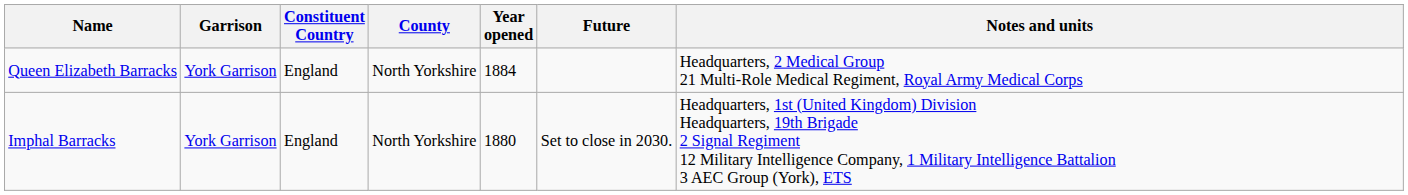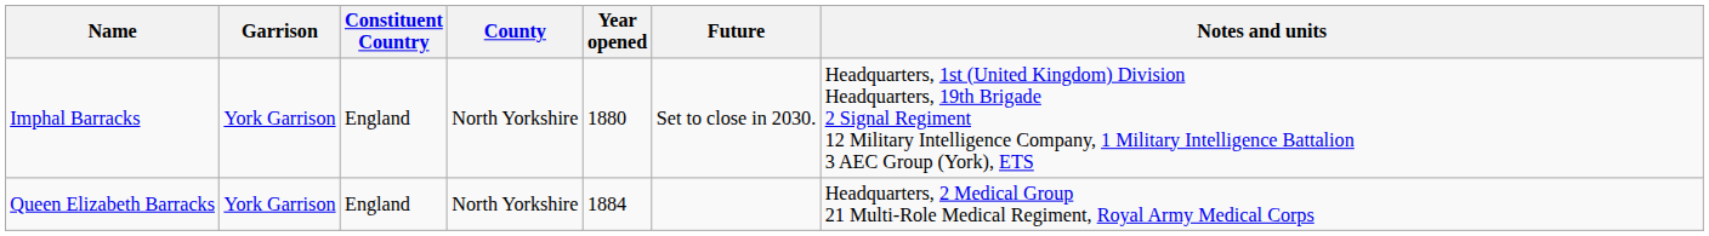 <table class="wikitable sortable" border="1">
 <tr>
 <th style="width=14%">Name</th>
 <th style="width=10%">Garrison</th>
 <th style="width=10%"><a href='#'>Constituent<br>Country</a></th>
 <th style="width=10%"><a href='#'>County</a></th>
 <th style="width=4%">Year<br>opened</th>
 <th>Future</th>
 <th style="class=unsortable" width="52%">Notes and units</th>
 </tr>
 <tr>
+<td><a href='#'>Imphal Barracks</a></td>
+<td><a href='#'>York Garrison</a></td>
+<td>England</td>
+<td>North Yorkshire</td>
+<td>1880</td>
+<td>Set to close in 2030.</td>
+<td>Headquarters, <a href='#'>1st (United Kingdom) Division</a><br>Headquarters, <a href='#'>19th Brigade</a><br> <a href='#'>2 Signal Regiment</a><br> 12 Military Intelligence Company, <a href='#'>1 Military Intelligence Battalion</a><br> 3 AEC Group (York), <a href='#'>ETS</a></td>
+</tr>
+<tr>
 <td><a href='#'>Queen Elizabeth Barracks</a></td>
 <td><a href='#'>York Garrison</a></td>
 <td>England</td>
 <td>North Yorkshire</td>
 <td>1884</td>
 <td></td>
 <td>Headquarters, <a href='#'>2 Medical Group</a><br>21 Multi-Role Medical Regiment, <a href='#'>Royal Army Medical Corps</a></td>
 </tr>
-<tr>
-<td><a href='#'>Imphal Barracks</a></td>
-<td><a href='#'>York Garrison</a></td>
-<td>England</td>
-<td>North Yorkshire</td>
-<td>1880</td>
-<td>Set to close in 2030.</td>
-<td>Headquarters, <a href='#'>1st (United Kingdom) Division</a><br>Headquarters, <a href='#'>19th Brigade</a><br> <a href='#'>2 Signal Regiment</a><br> 12 Military Intelligence Company, <a href='#'>1 Military Intelligence Battalion</a><br> 3 AEC Group (York), <a href='#'>ETS</a></td>
-</tr>
 </table>
